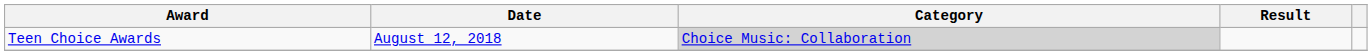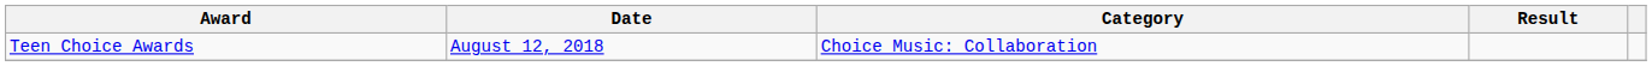 <table class="wikitable sortable plainrowheaders" style="width: 99%;">
 <tr>
 <th scope="col">Award</th>
 <th scope="col">Date</th>
 <th scope="col">Category</th>
 <th scope="col">Result</th>
 <th scope="col" class="unsortable"></th>
 </tr>
 <tr>
 <td><a href='#'>Teen Choice Awards</a></td>
 <td><a href='#'>August 12, 2018</a></td>
-<td style="background: lightgrey;"><a href='#'>Choice Music: Collaboration</a></td>
+<td><a href='#'>Choice Music: Collaboration</a></td>
 <td></td>
 <td style="text-align:center;"></td>
 </tr>
 <tr>
 </tr>
 </table>
